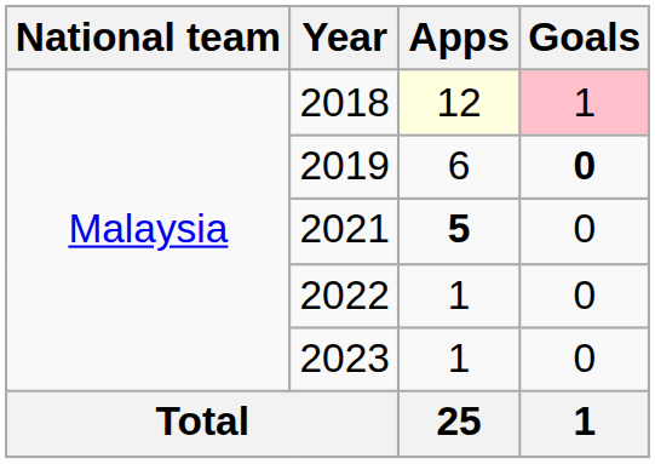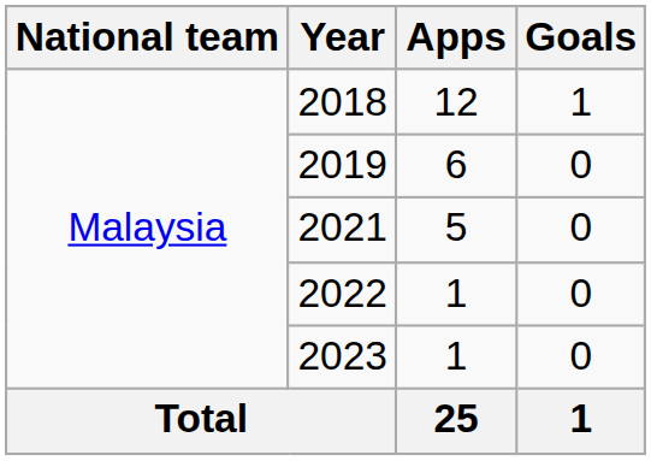 <table class=wikitable style="text-align: center;">
 <tr>
 <th>National team</th>
 <th>Year</th>
 <th>Apps</th>
 <th>Goals</th>
 </tr>
 <tr>
 <td rowspan=5><a href='#'>Malaysia</a></td>
 <td>2018</td>
-<td style="background: lightyellow;">12</td>
-<td style="background: pink;">1</td>
+<td>12</td>
+<td>1</td>
 </tr>
 <tr>
 <td>2019</td>
 <td>6</td>
-<td><strong>0</strong></td>
+<td>0</td>
 </tr>
 <tr>
 <td>2021</td>
-<td><strong>5</strong></td>
+<td>5</td>
 <td>0</td>
 </tr>
 <tr>
 <td>2022</td>
 <td>1</td>
 <td>0</td>
 </tr>
 <tr>
 <td>2023</td>
 <td>1</td>
 <td>0</td>
 </tr>
 <tr>
 <th colspan=2>Total</th>
 <th>25</th>
 <th>1</th>
 </tr>
 </table>
